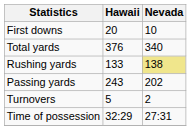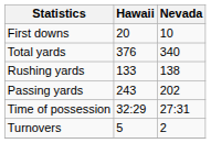 <table class="wikitable">
 <tr>
 <th>Statistics</th>
 <th>Hawaii</th>
 <th>Nevada</th>
 </tr>
 <tr>
 <td>First downs</td>
 <td>20</td>
 <td>10</td>
 </tr>
 <tr>
 <td>Total yards</td>
 <td>376</td>
 <td>340</td>
 </tr>
 <tr>
 <td>Rushing yards</td>
 <td>133</td>
-<td style="background: khaki;">138</td>
+<td>138</td>
 </tr>
 <tr>
 <td>Passing yards</td>
 <td>243</td>
 <td>202</td>
 </tr>
 <tr>
+<td>Time of possession</td>
+<td>32:29</td>
+<td>27:31</td>
+</tr>
+<tr>
 <td>Turnovers</td>
 <td>5</td>
 <td>2</td>
 </tr>
 <tr>
-<td>Time of possession</td>
-<td>32:29</td>
-<td>27:31</td>
-</tr>
-<tr>
 </tr>
 </table>
